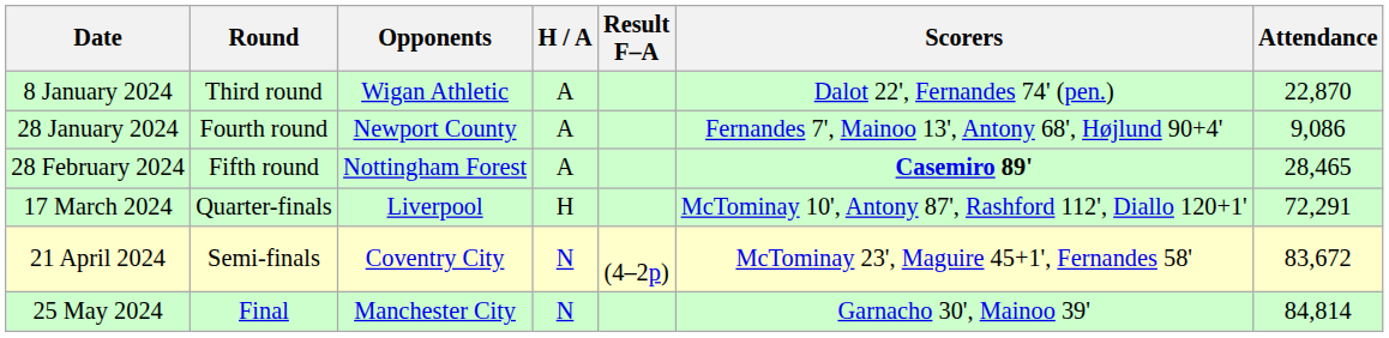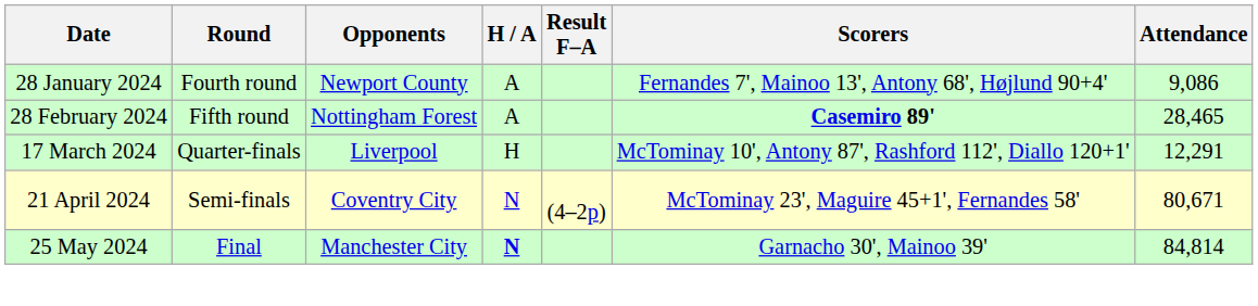 <table class="wikitable" style="text-align:center">
 <tr>
 <th>Date</th>
 <th>Round</th>
 <th>Opponents</th>
 <th>H / A</th>
 <th>Result<br>F–A</th>
 <th>Scorers</th>
 <th>Attendance</th>
-</tr>
-<tr bgcolor="#CCFFCC">
-<td>8 January 2024</td>
-<td>Third round</td>
-<td><a href='#'>Wigan Athletic</a></td>
-<td>A</td>
-<td></td>
-<td><a href='#'>Dalot</a> 22', <a href='#'>Fernandes</a> 74' (<a href='#'>pen.</a>)</td>
-<td>22,870</td>
 </tr>
 <tr bgcolor="#CCFFCC">
 <td>28 January 2024</td>
 <td>Fourth round</td>
 <td><a href='#'>Newport County</a></td>
 <td>A</td>
 <td></td>
 <td><a href='#'>Fernandes</a> 7', <a href='#'>Mainoo</a> 13', <a href='#'>Antony</a> 68', <a href='#'>Højlund</a> 90+4'</td>
 <td>9,086</td>
 </tr>
 <tr bgcolor="#CCFFCC">
 <td>28 February 2024</td>
 <td>Fifth round</td>
 <td><a href='#'>Nottingham Forest</a></td>
 <td>A</td>
 <td></td>
 <td><strong><a href='#'>Casemiro</a> 89'</strong></td>
 <td>28,465</td>
 </tr>
 <tr bgcolor="#CCFFCC">
 <td>17 March 2024</td>
 <td>Quarter-finals</td>
 <td><a href='#'>Liverpool</a></td>
 <td>H</td>
 <td> </td>
 <td><a href='#'>McTominay</a> 10', <a href='#'>Antony</a> 87', <a href='#'>Rashford</a> 112', <a href='#'>Diallo</a> 120+1'</td>
-<td>72,291</td>
+<td>12,291</td>
 </tr>
 <tr bgcolor="#ffffcc">
 <td>21 April 2024</td>
 <td>Semi-finals</td>
 <td><a href='#'>Coventry City</a></td>
 <td><a href='#'>N</a></td>
 <td> <br>(4–2<a href='#'>p</a>)</td>
 <td><a href='#'>McTominay</a> 23', <a href='#'>Maguire</a> 45+1', <a href='#'>Fernandes</a> 58'</td>
-<td>83,672</td>
+<td>80,671</td>
 </tr>
 <tr bgcolor="#CCFFCC">
 <td>25 May 2024</td>
 <td><a href='#'>Final</a></td>
 <td><a href='#'>Manchester City</a></td>
-<td><a href='#'>N</a></td>
+<td><strong><a href='#'>N</a></strong></td>
 <td></td>
 <td><a href='#'>Garnacho</a> 30', <a href='#'>Mainoo</a> 39'</td>
 <td>84,814</td>
 </tr>
 </table>
